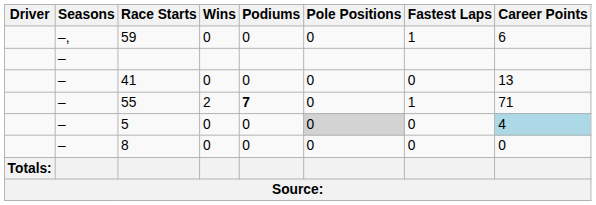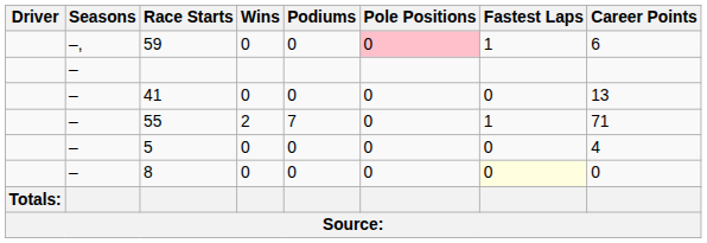 <table class="wikitable sortable" border="1">
 <tr>
 <th>Driver</th>
 <th>Seasons</th>
 <th>Race Starts</th>
 <th>Wins</th>
 <th>Podiums</th>
 <th>Pole Positions</th>
 <th>Fastest Laps</th>
 <th>Career Points</th>
 </tr>
 <tr>
 <td></td>
 <td>–, </td>
 <td>59</td>
 <td>0</td>
 <td>0</td>
-<td>0</td>
+<td style="background: pink;">0</td>
 <td>1</td>
 <td>6</td>
 </tr>
 <tr>
 <td></td>
 <td>–</td>
 <td></td>
 <td></td>
 <td></td>
 <td></td>
 <td></td>
 <td></td>
 </tr>
 <tr>
 <td></td>
 <td>–</td>
 <td>41</td>
 <td>0</td>
 <td>0</td>
 <td>0</td>
 <td>0</td>
 <td>13</td>
 </tr>
 <tr>
 <td></td>
 <td>–</td>
 <td>55</td>
 <td>2</td>
-<td><strong>7</strong></td>
+<td>7</td>
 <td>0</td>
 <td>1</td>
 <td>71</td>
 </tr>
 <tr>
 <td></td>
 <td>–</td>
 <td>5</td>
 <td>0</td>
 <td>0</td>
-<td style="background: lightgrey;">0</td>
 <td>0</td>
-<td style="background: lightblue;">4</td>
+<td>0</td>
+<td>4</td>
 </tr>
 <tr>
 <td></td>
 <td>–</td>
 <td>8</td>
 <td>0</td>
 <td>0</td>
 <td>0</td>
-<td>0</td>
+<td style="background: lightyellow;">0</td>
 <td>0</td>
 </tr>
 <tr>
 <th>Totals:</th>
 <th></th>
 <th></th>
 <th></th>
 <th></th>
 <th></th>
 <th></th>
 <th></th>
 </tr>
 <tr>
 <th colspan="8">Source:</th>
 </tr>
 </table>
